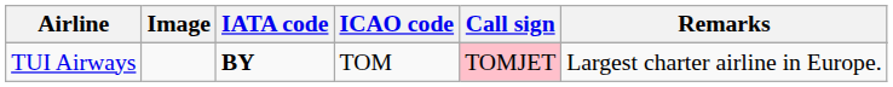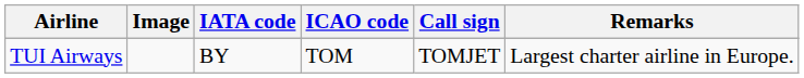 <table class="wikitable sortable">
 <tr valign=top align=left>
 <th>Airline</th>
 <th>Image</th>
 <th><a href='#'>IATA code</a></th>
 <th><a href='#'>ICAO code</a></th>
 <th><a href='#'>Call sign</a></th>
 <th>Remarks</th>
 </tr>
 <tr valign=top>
 </tr>
 <tr bgcolor=#dcdcdc>
 </tr>
 <tr>
 <td><a href='#'>TUI Airways</a></td>
 <td></td>
-<td><strong>BY</strong></td>
+<td>BY</td>
 <td>TOM</td>
-<td style="background: pink;">TOMJET</td>
+<td>TOMJET</td>
 <td>Largest charter airline in Europe.</td>
 </tr>
 </table>
